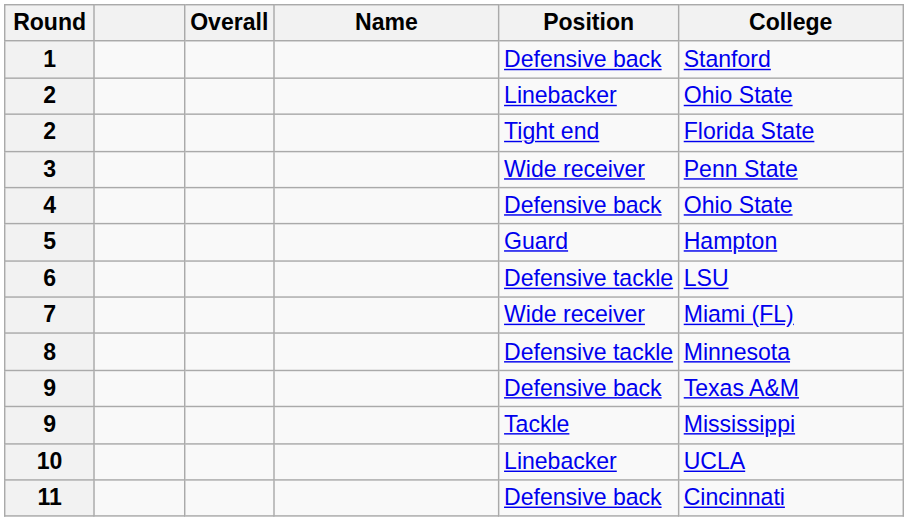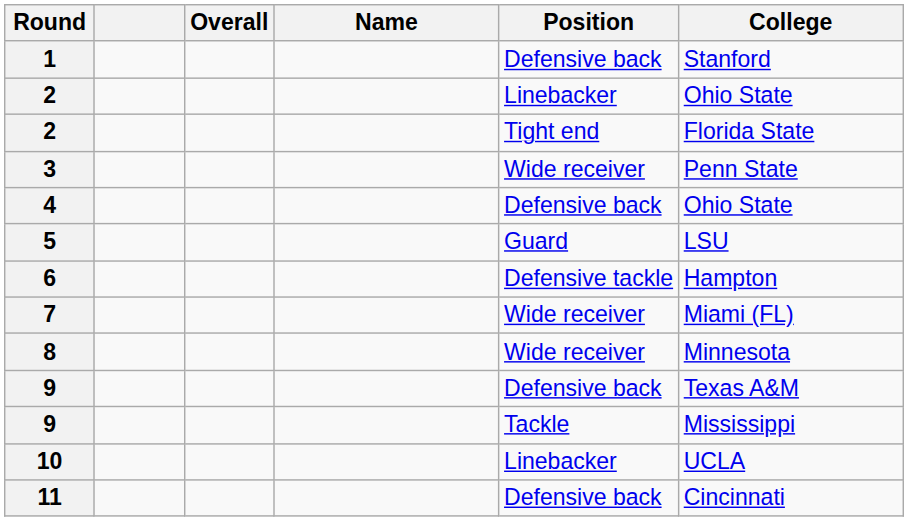 <table class="wikitable sortable">
 <tr>
 <th scope="col" style="width: 10%;">Round</th>
 <th scope="col" style="width: 10%;"></th>
 <th scope="col" style="width: 10%;">Overall</th>
 <th scope="col" style="width: 25%;">Name</th>
 <th scope="col" style="width: 20%;">Position</th>
 <th scope="col" style="width: 25%;">College</th>
 </tr>
 <tr>
 <th scope="row">1</th>
 <td></td>
 <td></td>
 <td></td>
 <td><a href='#'>Defensive back</a></td>
 <td><a href='#'>Stanford</a></td>
 </tr>
 <tr>
 <th scope="row">2</th>
 <td></td>
 <td></td>
 <td></td>
 <td><a href='#'>Linebacker</a></td>
 <td><a href='#'>Ohio State</a></td>
 </tr>
 <tr>
 <th scope="row">2</th>
 <td></td>
 <td></td>
 <td></td>
 <td><a href='#'>Tight end</a></td>
 <td><a href='#'>Florida State</a></td>
 </tr>
 <tr>
 <th scope="row">3</th>
 <td></td>
 <td></td>
 <td></td>
 <td><a href='#'>Wide receiver</a></td>
 <td><a href='#'>Penn State</a></td>
 </tr>
 <tr>
 <th scope="row">4</th>
 <td></td>
 <td></td>
 <td></td>
 <td><a href='#'>Defensive back</a></td>
 <td><a href='#'>Ohio State</a></td>
 </tr>
 <tr>
 <th scope="row">5</th>
 <td></td>
 <td></td>
 <td></td>
 <td><a href='#'>Guard</a></td>
-<td><a href='#'>Hampton</a></td>
+<td><a href='#'>LSU</a></td>
 </tr>
 <tr>
 <th scope="row">6</th>
 <td></td>
 <td></td>
 <td></td>
 <td><a href='#'>Defensive tackle</a></td>
-<td><a href='#'>LSU</a></td>
+<td><a href='#'>Hampton</a></td>
 </tr>
 <tr>
 <th scope="row">7</th>
 <td></td>
 <td></td>
 <td></td>
 <td><a href='#'>Wide receiver</a></td>
 <td><a href='#'>Miami (FL)</a></td>
 </tr>
 <tr>
 <th scope="row">8</th>
 <td></td>
 <td></td>
 <td></td>
-<td><a href='#'>Defensive tackle</a></td>
+<td><a href='#'>Wide receiver</a></td>
 <td><a href='#'>Minnesota</a></td>
 </tr>
 <tr>
 <th scope="row">9</th>
 <td></td>
 <td></td>
 <td></td>
 <td><a href='#'>Defensive back</a></td>
 <td><a href='#'>Texas A&M</a></td>
 </tr>
 <tr>
 <th scope="row">9</th>
 <td></td>
 <td></td>
 <td></td>
 <td><a href='#'>Tackle</a></td>
 <td><a href='#'>Mississippi</a></td>
 </tr>
 <tr>
 <th scope="row">10</th>
 <td></td>
 <td></td>
 <td></td>
 <td><a href='#'>Linebacker</a></td>
 <td><a href='#'>UCLA</a></td>
 </tr>
 <tr>
 <th scope="row">11</th>
 <td></td>
 <td></td>
 <td></td>
 <td><a href='#'>Defensive back</a></td>
 <td><a href='#'>Cincinnati</a></td>
 </tr>
 </table>
